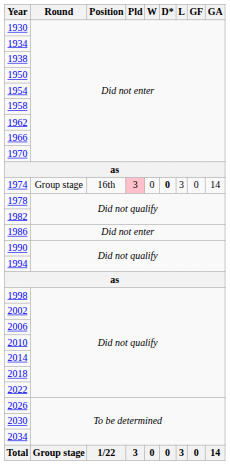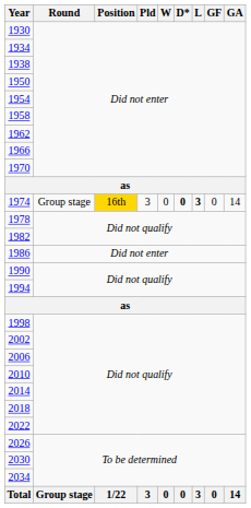 <table class="wikitable sortable" style="text-align: center;">
 <tr>
 <th>Year</th>
 <th>Round</th>
 <th>Position</th>
 <th>Pld</th>
 <th>W</th>
 <th>D*</th>
 <th>L</th>
 <th>GF</th>
 <th>GA</th>
 </tr>
 <tr>
 <td> <a href='#'>1930</a></td>
 <td rowspan=9 colspan=8><em>Did not enter</em></td>
 </tr>
 <tr>
 <td> <a href='#'>1934</a></td>
 </tr>
 <tr>
 <td> <a href='#'>1938</a></td>
 </tr>
 <tr>
 <td> <a href='#'>1950</a></td>
 </tr>
 <tr>
 <td> <a href='#'>1954</a></td>
 </tr>
 <tr>
 <td> <a href='#'>1958</a></td>
 </tr>
 <tr>
 <td> <a href='#'>1962</a></td>
 </tr>
 <tr>
 <td> <a href='#'>1966</a></td>
 </tr>
 <tr>
 <td> <a href='#'>1970</a></td>
 </tr>
 <tr>
 <th colspan="9">as <strong></strong></th>
 </tr>
 <tr>
 <td> <a href='#'>1974</a></td>
 <td>Group stage</td>
-<td>16th</td>
-<td style="background: pink;">3</td>
+<td style="background: gold;">16th</td>
+<td>3</td>
 <td>0</td>
 <td><strong>0</strong></td>
-<td>3</td>
+<td><strong>3</strong></td>
 <td>0</td>
 <td>14</td>
 </tr>
 <tr>
 <td> <a href='#'>1978</a></td>
 <td rowspan=2 colspan=8><em>Did not qualify</em></td>
 </tr>
 <tr>
 <td> <a href='#'>1982</a></td>
 </tr>
 <tr>
 <td> <a href='#'>1986</a></td>
 <td rowspan=1 colspan=8><em>Did not enter</em></td>
 </tr>
 <tr>
 <td> <a href='#'>1990</a></td>
 <td rowspan=2 colspan=8><em>Did not qualify</em></td>
 </tr>
 <tr>
 <td> <a href='#'>1994</a></td>
 </tr>
 <tr>
 <th colspan="9">as <strong></strong></th>
 </tr>
 <tr>
 <td> <a href='#'>1998</a></td>
 <td rowspan=7 colspan=8><em>Did not qualify</em></td>
 </tr>
 <tr>
 <td>  <a href='#'>2002</a></td>
 </tr>
 <tr>
 <td> <a href='#'>2006</a></td>
 </tr>
 <tr>
 <td> <a href='#'>2010</a></td>
 </tr>
 <tr>
 <td> <a href='#'>2014</a></td>
 </tr>
 <tr>
 <td> <a href='#'>2018</a></td>
 </tr>
 <tr>
 <td> <a href='#'>2022</a></td>
 </tr>
 <tr>
 <td>   <a href='#'>2026</a></td>
 <td rowspan=3 colspan=8><em>To be determined</em></td>
 </tr>
 <tr>
 <td>   <a href='#'>2030</a></td>
 </tr>
 <tr>
 <td> <a href='#'>2034</a></td>
 </tr>
 <tr>
 <th><strong>Total</strong></th>
 <th>Group stage</th>
 <th>1/22</th>
 <th>3</th>
 <th>0</th>
 <th>0</th>
 <th>3</th>
 <th>0</th>
 <th>14</th>
 </tr>
 </table>
